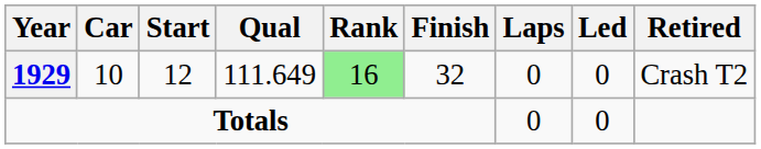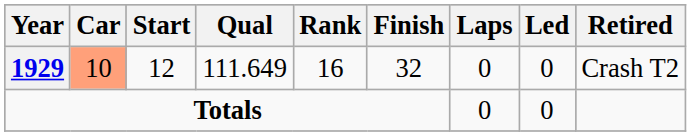 <table class="wikitable" style="text-align:center">
 <tr>
 <th>Year</th>
 <th>Car</th>
 <th>Start</th>
 <th>Qual</th>
 <th>Rank</th>
 <th>Finish</th>
 <th>Laps</th>
 <th>Led</th>
 <th>Retired</th>
 </tr>
 <tr>
 <th><a href='#'>1929</a></th>
-<td>10</td>
+<td style="background: lightsalmon;">10</td>
 <td>12</td>
 <td>111.649</td>
-<td style="background: lightgreen;">16</td>
+<td>16</td>
 <td>32</td>
 <td>0</td>
 <td>0</td>
 <td>Crash T2</td>
 </tr>
 <tr>
 <td colspan=6><strong>Totals</strong></td>
 <td>0</td>
 <td>0</td>
 <td></td>
 </tr>
 </table>
